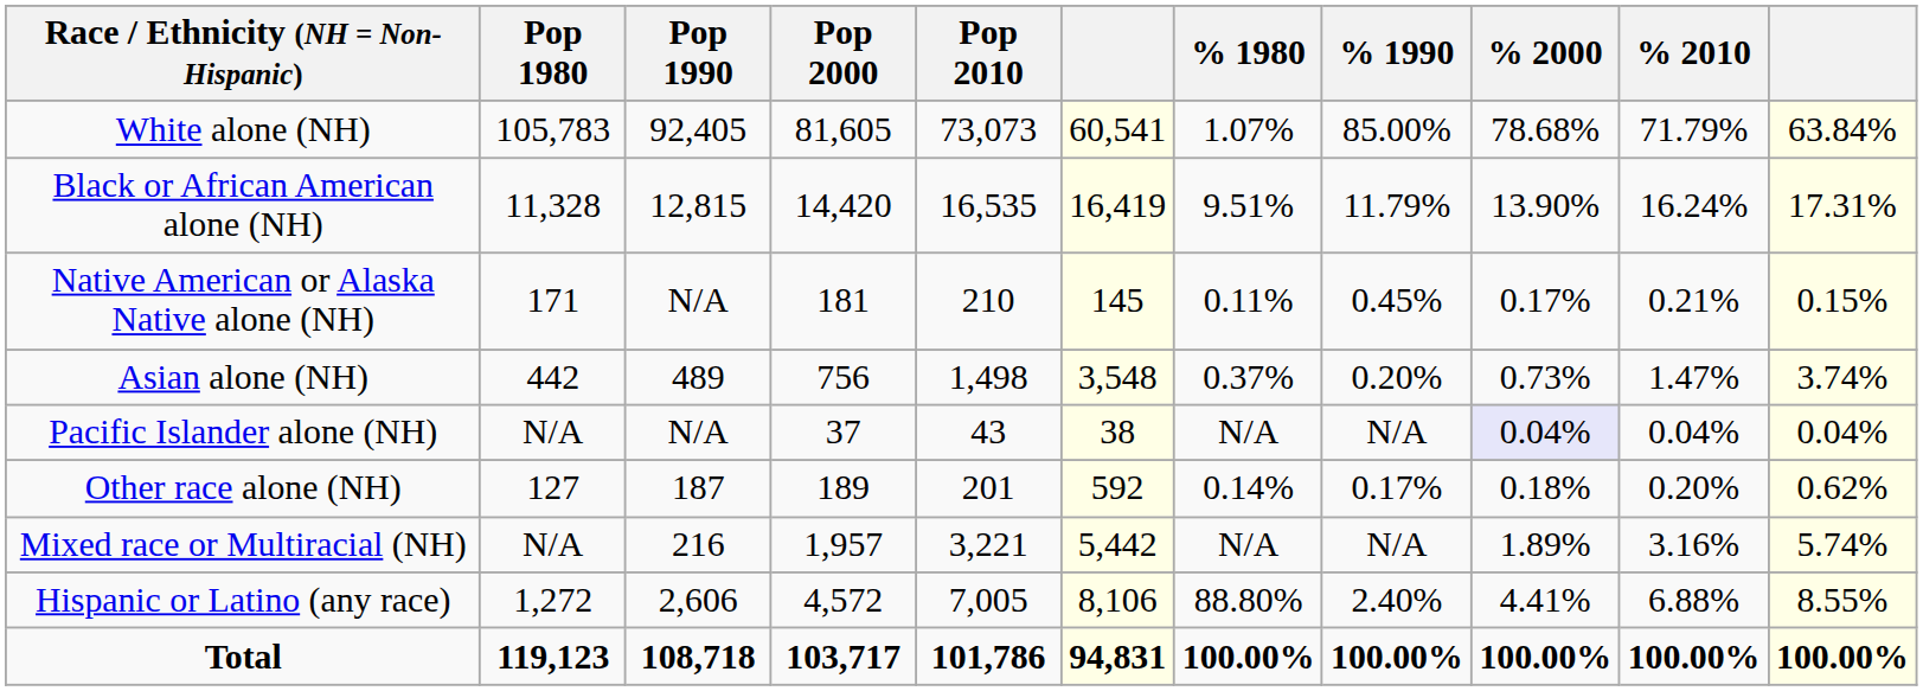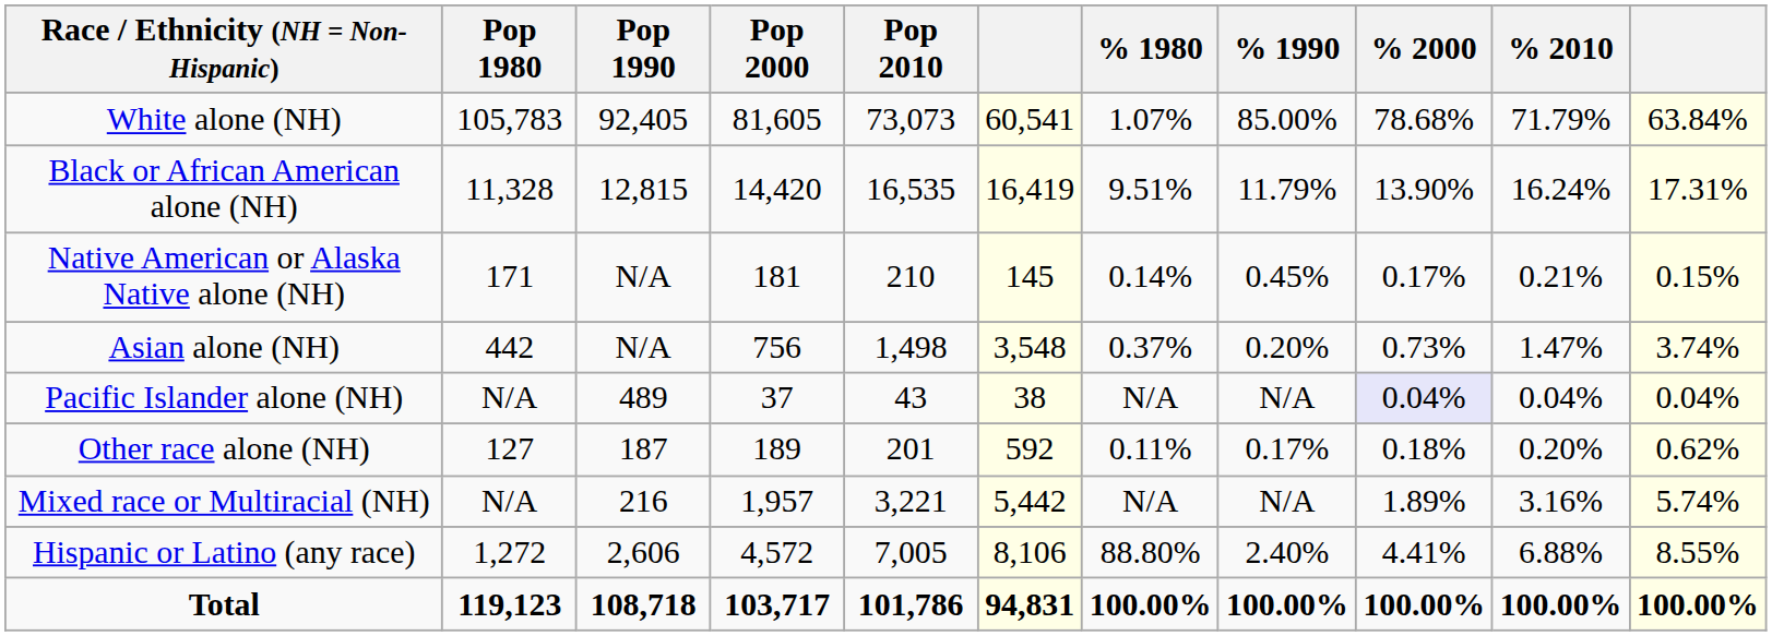 <table class="wikitable" style="text-align:center;">
 <tr>
 <th>Race / Ethnicity <small>(<em>NH = Non-Hispanic</em>)</small></th>
 <th>Pop 1980</th>
 <th>Pop 1990</th>
 <th>Pop 2000</th>
 <th>Pop 2010</th>
 <th></th>
 <th>% 1980</th>
 <th>% 1990</th>
 <th>% 2000</th>
 <th>% 2010</th>
 <th></th>
 </tr>
 <tr>
 <td><a href='#'>White</a> alone (NH)</td>
 <td>105,783</td>
 <td>92,405</td>
 <td>81,605</td>
 <td>73,073</td>
 <td style='background: #ffffe6;'>60,541</td>
 <td>1.07%</td>
 <td>85.00%</td>
 <td>78.68%</td>
 <td>71.79%</td>
 <td style='background: #ffffe6;'>63.84%</td>
 </tr>
 <tr>
 <td><a href='#'>Black or African American</a> alone (NH)</td>
 <td>11,328</td>
 <td>12,815</td>
 <td>14,420</td>
 <td>16,535</td>
 <td style='background: #ffffe6;'>16,419</td>
 <td>9.51%</td>
 <td>11.79%</td>
 <td>13.90%</td>
 <td>16.24%</td>
 <td style='background: #ffffe6;'>17.31%</td>
 </tr>
 <tr>
 <td><a href='#'>Native American</a> or <a href='#'>Alaska Native</a> alone (NH)</td>
 <td>171</td>
 <td>N/A</td>
 <td>181</td>
 <td>210</td>
 <td style='background: #ffffe6;'>145</td>
-<td>0.11%</td>
+<td>0.14%</td>
 <td>0.45%</td>
 <td>0.17%</td>
 <td>0.21%</td>
 <td style='background: #ffffe6;'>0.15%</td>
 </tr>
 <tr>
 <td><a href='#'>Asian</a> alone (NH)</td>
 <td>442</td>
-<td>489</td>
+<td>N/A</td>
 <td>756</td>
 <td>1,498</td>
 <td style='background: #ffffe6;'>3,548</td>
 <td>0.37%</td>
 <td>0.20%</td>
 <td>0.73%</td>
 <td>1.47%</td>
 <td style='background: #ffffe6;'>3.74%</td>
 </tr>
 <tr>
 <td><a href='#'>Pacific Islander</a> alone (NH)</td>
 <td>N/A</td>
-<td>N/A</td>
+<td>489</td>
 <td>37</td>
 <td>43</td>
 <td style='background: #ffffe6;'>38</td>
 <td>N/A</td>
 <td>N/A</td>
 <td style="background: lavender;">0.04%</td>
 <td>0.04%</td>
 <td style='background: #ffffe6;'>0.04%</td>
 </tr>
 <tr>
 <td><a href='#'>Other race</a> alone (NH)</td>
 <td>127</td>
 <td>187</td>
 <td>189</td>
 <td>201</td>
 <td style='background: #ffffe6;'>592</td>
-<td>0.14%</td>
+<td>0.11%</td>
 <td>0.17%</td>
 <td>0.18%</td>
 <td>0.20%</td>
 <td style='background: #ffffe6;'>0.62%</td>
 </tr>
 <tr>
 <td><a href='#'>Mixed race or Multiracial</a> (NH)</td>
 <td>N/A</td>
 <td>216</td>
 <td>1,957</td>
 <td>3,221</td>
 <td style='background: #ffffe6;'>5,442</td>
 <td>N/A</td>
 <td>N/A</td>
 <td>1.89%</td>
 <td>3.16%</td>
 <td style='background: #ffffe6;'>5.74%</td>
 </tr>
 <tr>
 <td><a href='#'>Hispanic or Latino</a> (any race)</td>
 <td>1,272</td>
 <td>2,606</td>
 <td>4,572</td>
 <td>7,005</td>
 <td style='background: #ffffe6;'>8,106</td>
 <td>88.80%</td>
 <td>2.40%</td>
 <td>4.41%</td>
 <td>6.88%</td>
 <td style='background: #ffffe6;'>8.55%</td>
 </tr>
 <tr>
 <td><strong>Total</strong></td>
 <td><strong>119,123</strong></td>
 <td><strong>108,718</strong></td>
 <td><strong>103,717</strong></td>
 <td><strong>101,786</strong></td>
 <td style='background: #ffffe6;'><strong>94,831</strong></td>
 <td><strong>100.00%</strong></td>
 <td><strong>100.00%</strong></td>
 <td><strong>100.00%</strong></td>
 <td><strong>100.00%</strong></td>
 <td style='background: #ffffe6;'><strong>100.00%</strong></td>
 </tr>
 </table>
